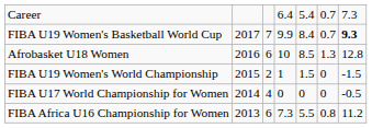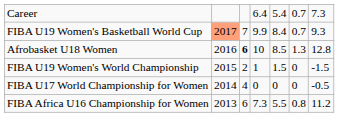 <table class="wikitable">
 <tr>
 <td>Career</td>
 <td></td>
 <td></td>
 <td>6.4</td>
 <td>5.4</td>
 <td>0.7</td>
 <td>7.3</td>
 </tr>
 <tr>
 <td>FIBA U19 Women's Basketball World Cup</td>
-<td>2017</td>
+<td style="background: lightsalmon;">2017</td>
 <td>7</td>
 <td>9.9</td>
 <td>8.4</td>
 <td>0.7</td>
-<td><strong>9.3</strong></td>
+<td>9.3</td>
 </tr>
 <tr>
 <td>Afrobasket U18 Women</td>
 <td>2016</td>
-<td>6</td>
+<td><strong>6</strong></td>
 <td>10</td>
 <td>8.5</td>
 <td>1.3</td>
 <td>12.8</td>
 </tr>
 <tr>
 <td>FIBA U19 Women's World Championship</td>
 <td>2015</td>
 <td>2</td>
 <td>1</td>
 <td>1.5</td>
 <td>0</td>
 <td>-1.5</td>
 </tr>
 <tr>
 <td>FIBA U17 World Championship for Women</td>
 <td>2014</td>
 <td>4</td>
 <td>0</td>
 <td>0</td>
 <td>0</td>
 <td>-0.5</td>
 </tr>
 <tr>
 <td>FIBA Africa U16 Championship for Women</td>
 <td>2013</td>
 <td>6</td>
 <td>7.3</td>
 <td>5.5</td>
 <td>0.8</td>
 <td>11.2</td>
 </tr>
 </table>
